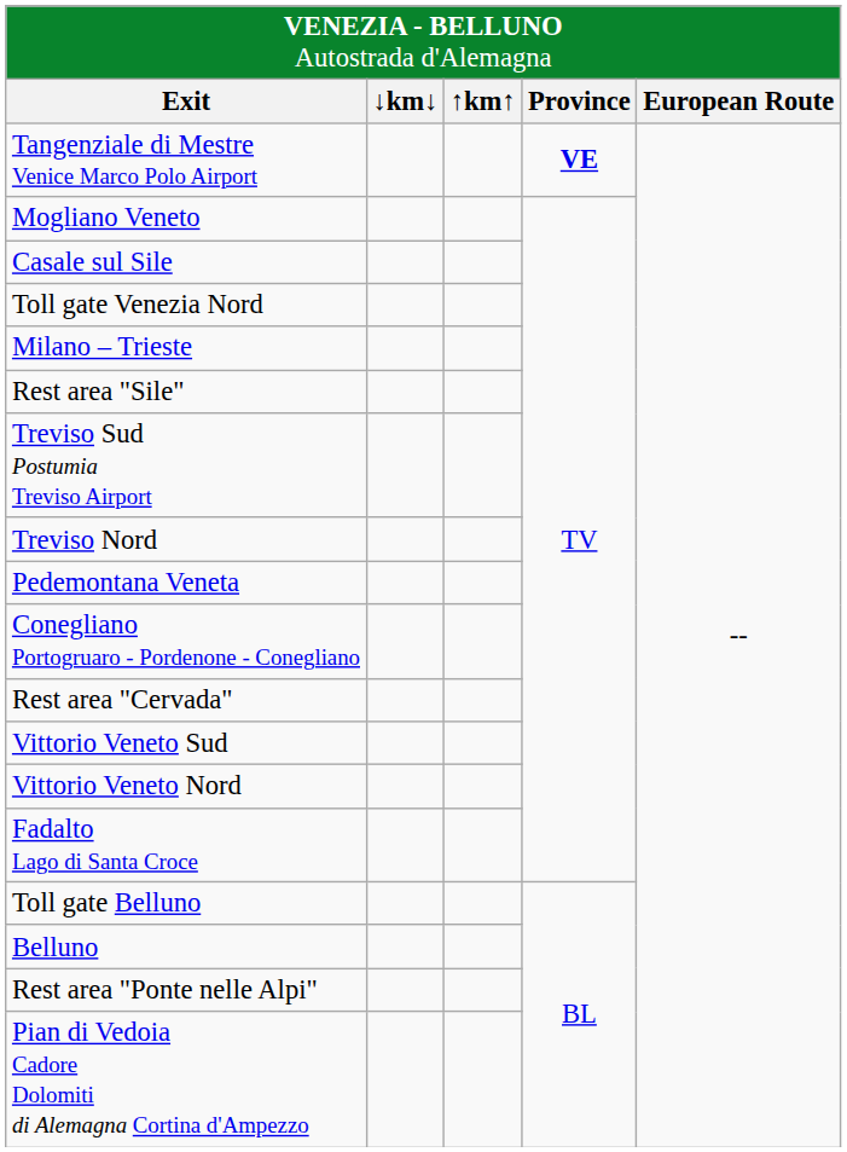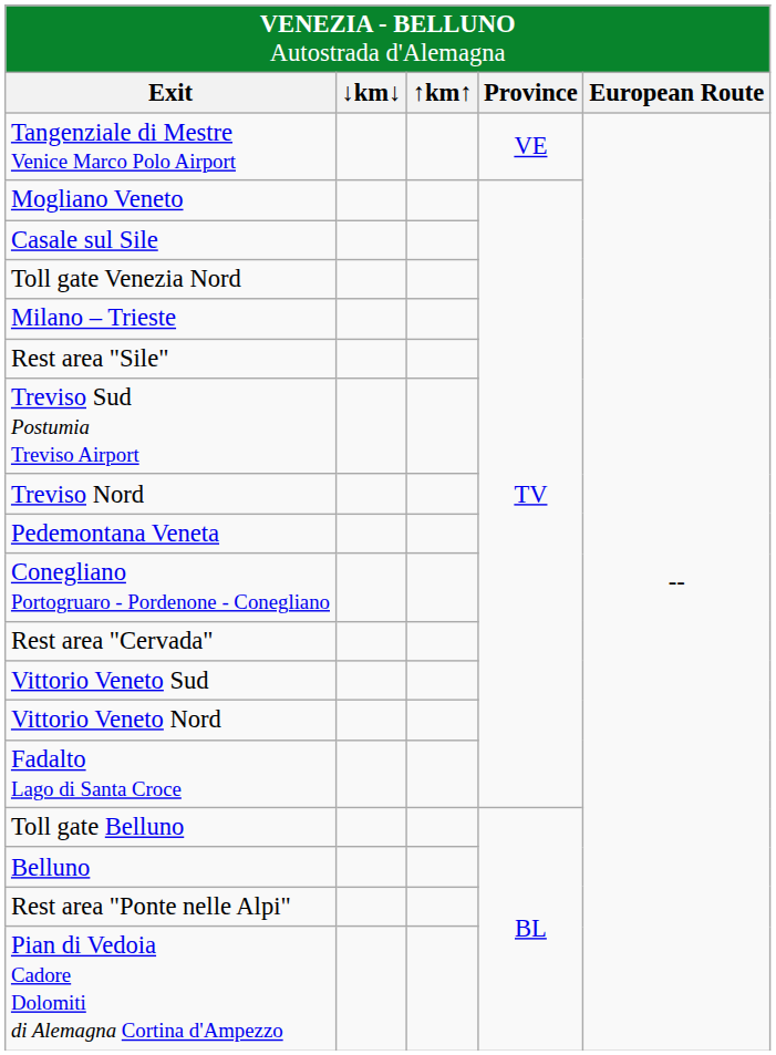 <table class="wikitable" border="1">
 <tr>
 </tr>
 <tr align="center" bgcolor="08842C" style="color: white;font-size:100%;">
 <td colspan="6"><strong> VENEZIA - BELLUNO</strong><br>Autostrada d'Alemagna</td>
 </tr>
 <tr>
 <th style="text-align:center;"><strong>Exit</strong></th>
 <th style="text-align:center;"><strong>↓km↓</strong></th>
 <th style="text-align:center;"><strong>↑km↑</strong></th>
 <th align="center"><strong>Province</strong></th>
 <th align="center"><strong>European Route</strong></th>
 </tr>
 <tr>
 <td>   <a href='#'>Tangenziale di Mestre</a><br><small>  <a href='#'>Venice Marco Polo Airport</a></small></td>
 <td align="right"></td>
 <td align="right"></td>
-<td rowspan=1 align="center"><strong><a href='#'>VE</a></strong></td>
+<td rowspan=1 align="center"><a href='#'>VE</a></td>
 <td rowspan=18 align="center">--</td>
 </tr>
 <tr>
 <td> <a href='#'>Mogliano Veneto</a></td>
 <td align="right"></td>
 <td align="right"></td>
 <td rowspan="13" align="center"><a href='#'>TV</a></td>
 </tr>
 <tr>
 <td> <a href='#'>Casale sul Sile</a></td>
 <td align="right"></td>
 <td align="right"></td>
 </tr>
 <tr>
 <td> Toll gate Venezia Nord</td>
 <td align="right"></td>
 <td align="right"></td>
 </tr>
 <tr>
 <td>   <a href='#'>Milano – Trieste</a></td>
 <td align="right"></td>
 <td align="right"></td>
 </tr>
 <tr>
 <td> Rest area "Sile"</td>
 <td align="right"></td>
 <td align="right"></td>
 </tr>
 <tr>
 <td> <a href='#'>Treviso</a> Sud <br><small>  <em>Postumia</em> </small><br><small> <a href='#'>Treviso Airport</a></small></td>
 <td align="right"></td>
 <td align="right"></td>
 </tr>
 <tr>
 <td> <a href='#'>Treviso</a> Nord</td>
 <td align="right"></td>
 <td align="right"></td>
 </tr>
 <tr>
 <td>  <a href='#'>Pedemontana Veneta</a> <br></td>
 <td align="right"></td>
 <td align="right"></td>
 </tr>
 <tr>
 <td>  <a href='#'>Conegliano</a><br><small> <a href='#'>Portogruaro - Pordenone - Conegliano</a></small></td>
 <td align="right"></td>
 <td align="right"></td>
 </tr>
 <tr>
 <td> Rest area "Cervada" </td>
 <td align="right"></td>
 <td align="right"></td>
 </tr>
 <tr>
 <td> <a href='#'>Vittorio Veneto</a> Sud</td>
 <td align="right"></td>
 <td align="right"></td>
 </tr>
 <tr>
 <td> <a href='#'>Vittorio Veneto</a> Nord</td>
 <td align="right"></td>
 <td align="right"></td>
 </tr>
 <tr>
 <td> <a href='#'>Fadalto</a><br><small> <a href='#'>Lago di Santa Croce</a></small></td>
 <td align="right"></td>
 <td align="right"></td>
 </tr>
 <tr>
 <td> Toll gate <a href='#'>Belluno</a></td>
 <td align="right"></td>
 <td align="right"></td>
 <td rowspan=4 align="center"><a href='#'>BL</a></td>
 </tr>
 <tr>
 <td> <a href='#'>Belluno</a></td>
 <td align="right"></td>
 <td align="right"></td>
 </tr>
 <tr>
 <td> Rest area "Ponte nelle Alpi" </td>
 <td align="right"></td>
 <td align="right"></td>
 </tr>
 <tr>
 <td> <a href='#'>Pian di Vedoia</a><br><small> <a href='#'>Cadore</a></small><br><small> <a href='#'>Dolomiti</a></small><br><small> <em>di Alemagna</em> <a href='#'>Cortina d'Ampezzo</a></small></td>
 <td align="right"></td>
 <td align="right"></td>
 </tr>
 </table>
